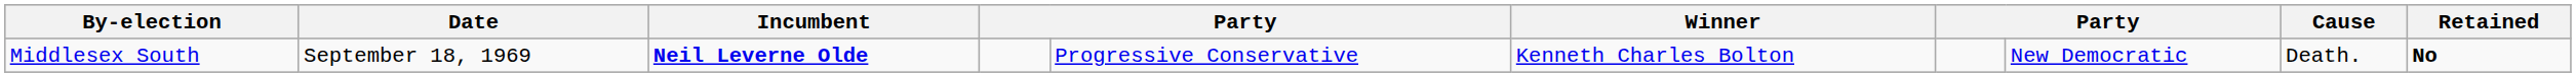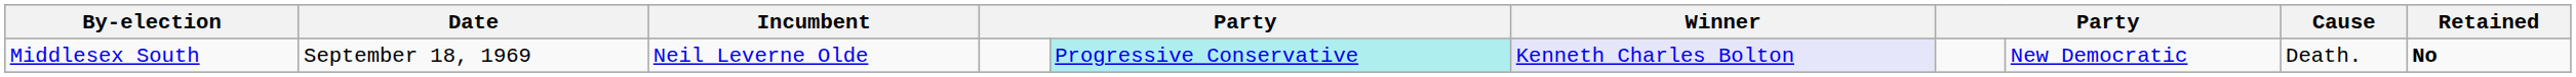 <table class=wikitable style="width:100%">
 <tr>
 <th>By-election</th>
 <th>Date</th>
 <th>Incumbent</th>
 <th colspan=2>Party</th>
 <th>Winner</th>
 <th colspan=2>Party</th>
 <th>Cause</th>
 <th>Retained</th>
 </tr>
 <tr>
 <td><a href='#'>Middlesex South</a></td>
 <td>September 18, 1969</td>
-<td><strong><a href='#'>Neil Leverne Olde</a></strong></td>
+<td><a href='#'>Neil Leverne Olde</a></td>
 <td>   </td>
-<td><a href='#'>Progressive Conservative</a></td>
-<td><a href='#'>Kenneth Charles Bolton</a></td>
+<td style="background: paleturquoise;"><a href='#'>Progressive Conservative</a></td>
+<td style="background: lavender;"><a href='#'>Kenneth Charles Bolton</a></td>
 <td>   </td>
 <td><a href='#'>New Democratic</a></td>
 <td>Death.</td>
 <td><strong>No</strong></td>
 </tr>
 </table>
